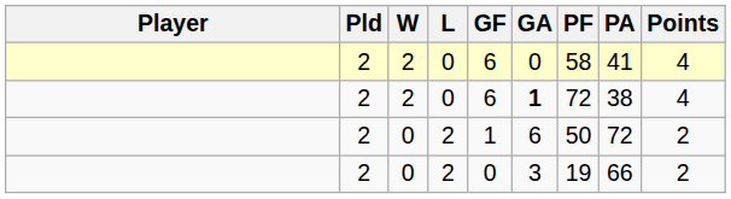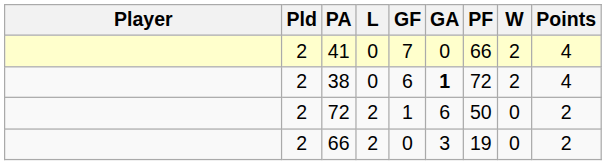 <table class=wikitable style="text-align:center;">
 <tr>
 <th width=220>Player</th>
 <th width=20>Pld</th>
-<th width=20>W</th>
+<th width=20>PA</th>
 <th width=20>L</th>
 <th width=20>GF</th>
 <th width=20>GA</th>
 <th width=20>PF</th>
-<th width=20>PA</th>
+<th width=20>W</th>
 <th width=50>Points</th>
 </tr>
 <tr bgcolor=#ffffcc>
 <td style="text-align:left;"></td>
 <td>2</td>
+<td>41</td>
+<td>0</td>
+<td>7</td>
+<td>0</td>
+<td>66</td>
 <td>2</td>
-<td>0</td>
-<td>6</td>
-<td>0</td>
-<td>58</td>
-<td>41</td>
 <td>4</td>
 </tr>
 <tr>
 <td style="text-align:left;"></td>
 <td>2</td>
-<td>2</td>
+<td>38</td>
 <td>0</td>
 <td>6</td>
 <td><strong>1</strong></td>
 <td>72</td>
-<td>38</td>
+<td>2</td>
 <td>4</td>
 </tr>
 <tr>
 <td style="text-align:left;"></td>
 <td>2</td>
-<td>0</td>
+<td>72</td>
 <td>2</td>
 <td>1</td>
 <td>6</td>
 <td>50</td>
-<td>72</td>
+<td>0</td>
 <td>2</td>
 </tr>
 <tr>
 <td style="text-align:left;"></td>
 <td>2</td>
-<td>0</td>
+<td>66</td>
 <td>2</td>
 <td>0</td>
 <td>3</td>
 <td>19</td>
-<td>66</td>
+<td>0</td>
 <td>2</td>
 </tr>
 </table>
